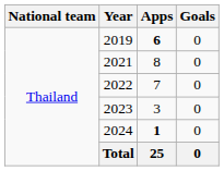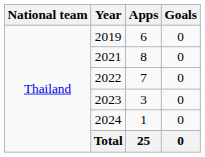 <table class="wikitable" style="text-align:center">
 <tr>
 <th>National team</th>
 <th>Year</th>
 <th>Apps</th>
 <th>Goals</th>
 </tr>
 <tr>
 <td rowspan="8" valign="center"><a href='#'>Thailand</a></td>
 <td>2019</td>
-<td><strong>6</strong></td>
+<td>6</td>
 <td>0</td>
 </tr>
 <tr>
 <td>2021</td>
 <td>8</td>
 <td>0</td>
 </tr>
 <tr>
 <td>2022</td>
 <td>7</td>
 <td>0</td>
 </tr>
 <tr>
 <td>2023</td>
 <td>3</td>
 <td>0</td>
 </tr>
 <tr>
 <td>2024</td>
-<td><strong>1</strong></td>
+<td>1</td>
 <td>0</td>
 </tr>
 <tr>
 <th>Total</th>
 <th>25</th>
 <th>0</th>
 </tr>
 </table>
